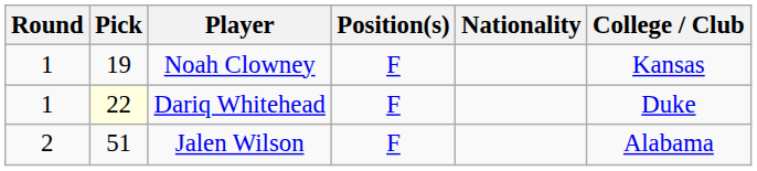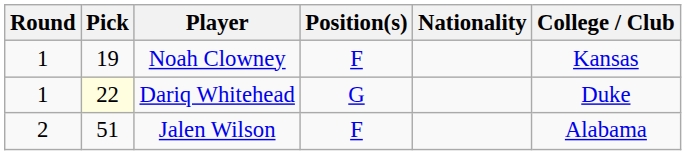 <table class="wikitable sortable sortable">
 <tr>
 <th>Round</th>
 <th>Pick</th>
 <th>Player</th>
 <th>Position(s)</th>
 <th>Nationality</th>
 <th>College / Club</th>
 </tr>
 <tr style="text-align:center">
 <td>1</td>
 <td>19</td>
 <td><a href='#'>Noah Clowney</a></td>
 <td><a href='#'>F</a></td>
 <td></td>
 <td><a href='#'>Kansas</a></td>
 </tr>
 <tr style="text-align:center">
 <td>1</td>
 <td style="background: lightyellow;">22</td>
 <td><a href='#'>Dariq Whitehead</a></td>
-<td><a href='#'>F</a></td>
+<td><a href='#'>G</a></td>
 <td></td>
 <td><a href='#'>Duke</a></td>
 </tr>
 <tr style="text-align:center">
 <td>2</td>
 <td>51</td>
 <td><a href='#'>Jalen Wilson</a></td>
 <td><a href='#'>F</a></td>
 <td></td>
 <td><a href='#'>Alabama</a></td>
 </tr>
 </table>
